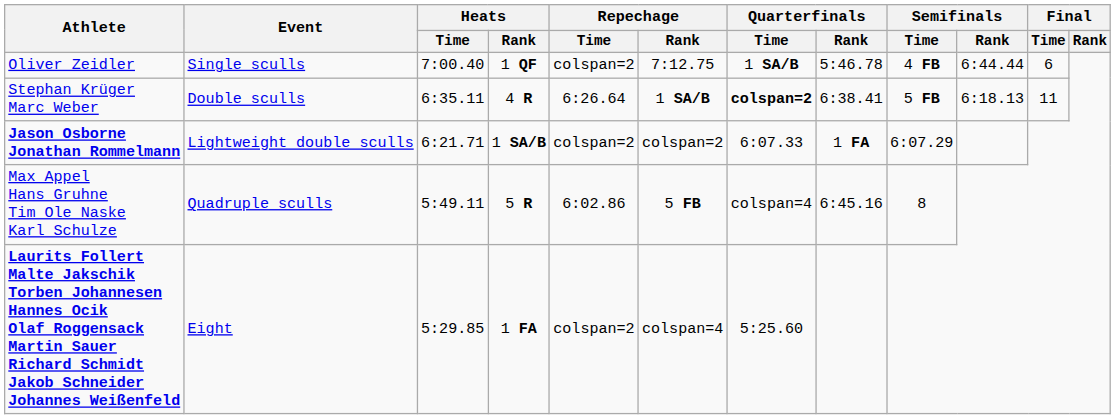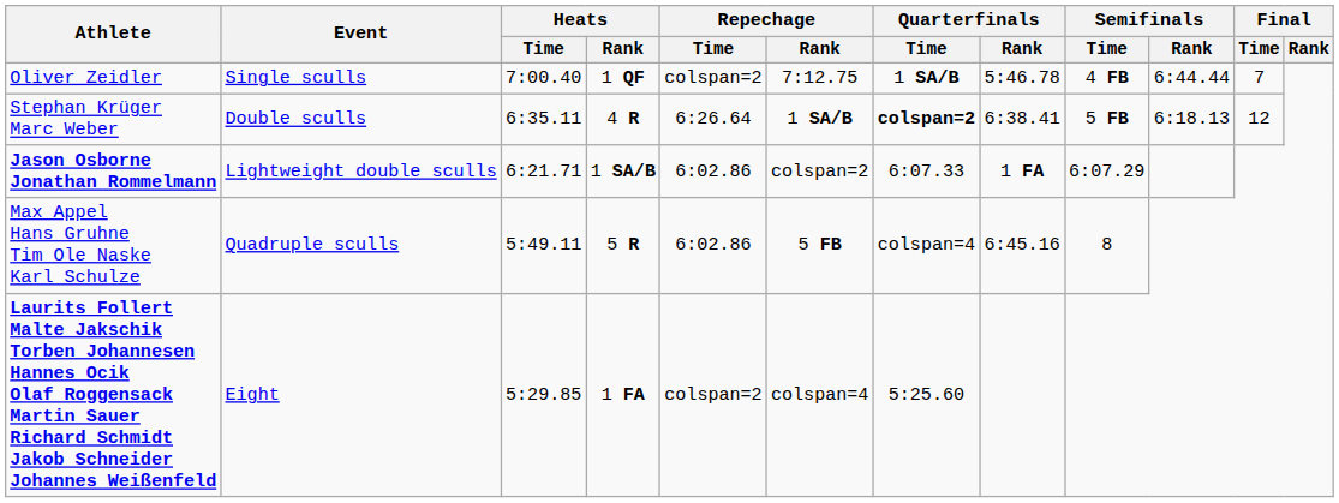 <table class="wikitable" style="font-size:90%">
 <tr>
 <th rowspan="2">Athlete</th>
 <th rowspan="2">Event</th>
 <th colspan="2">Heats</th>
 <th colspan="2">Repechage</th>
 <th colspan="2">Quarterfinals</th>
 <th colspan="2">Semifinals</th>
 <th colspan="2">Final</th>
 </tr>
 <tr style="font-size:95%">
 <th>Time</th>
 <th>Rank</th>
 <th>Time</th>
 <th>Rank</th>
 <th>Time</th>
 <th>Rank</th>
 <th>Time</th>
 <th>Rank</th>
 <th>Time</th>
 <th>Rank</th>
 </tr>
 <tr align=center>
 <td align=left><a href='#'>Oliver Zeidler</a></td>
 <td align=left><a href='#'>Single sculls</a></td>
 <td>7:00.40</td>
 <td>1 <strong>QF</strong></td>
 <td>colspan=2 </td>
 <td>7:12.75</td>
 <td>1 <strong>SA/B</strong></td>
 <td>5:46.78</td>
 <td>4 <strong>FB</strong></td>
 <td>6:44.44</td>
-<td>6</td>
+<td>7</td>
 </tr>
 <tr align=center>
 <td align=left><a href='#'>Stephan Krüger</a><br><a href='#'>Marc Weber</a></td>
 <td align=left><a href='#'>Double sculls</a></td>
 <td>6:35.11</td>
 <td>4 <strong>R</strong></td>
 <td>6:26.64</td>
 <td>1 <strong>SA/B</strong></td>
 <td><strong>colspan=2 </strong></td>
 <td>6:38.41</td>
 <td>5 <strong>FB</strong></td>
 <td>6:18.13</td>
-<td>11</td>
+<td>12</td>
 </tr>
 <tr align=center>
 <td align=left><strong><a href='#'>Jason Osborne</a><br><a href='#'>Jonathan Rommelmann</a></strong></td>
 <td align=left><a href='#'>Lightweight double sculls</a></td>
 <td>6:21.71</td>
 <td>1 <strong>SA/B</strong></td>
-<td>colspan=2 </td>
+<td>6:02.86</td>
 <td>colspan=2 </td>
 <td>6:07.33 </td>
 <td>1 <strong>FA</strong></td>
 <td>6:07.29</td>
 <td></td>
 </tr>
 <tr align=center>
 <td align=left><a href='#'>Max Appel</a><br><a href='#'>Hans Gruhne</a><br><a href='#'>Tim Ole Naske</a><br><a href='#'>Karl Schulze</a></td>
 <td align=left><a href='#'>Quadruple sculls</a></td>
 <td>5:49.11</td>
 <td>5 <strong>R</strong></td>
 <td>6:02.86</td>
 <td>5 <strong>FB</strong></td>
 <td>colspan=4 </td>
 <td>6:45.16</td>
 <td>8</td>
 </tr>
 <tr align=center>
 <td align=left><strong><a href='#'>Laurits Follert</a><br><a href='#'>Malte Jakschik</a><br><a href='#'>Torben Johannesen</a><br><a href='#'>Hannes Ocik</a><br><a href='#'>Olaf Roggensack</a><br><a href='#'>Martin Sauer</a><br><a href='#'>Richard Schmidt</a><br><a href='#'>Jakob Schneider</a><br><a href='#'>Johannes Weißenfeld</a></strong></td>
 <td align=left><a href='#'>Eight</a></td>
 <td>5:29.85</td>
 <td>1 <strong>FA</strong></td>
 <td>colspan=2 </td>
 <td>colspan=4 </td>
 <td>5:25.60</td>
 <td></td>
 </tr>
 </table>
